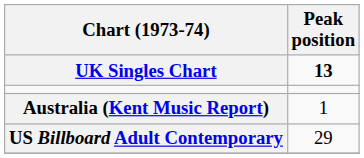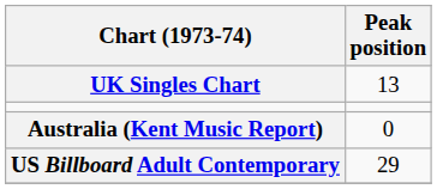 <table class="wikitable sortable plainrowheaders" border="1">
 <tr>
 <th scope="col">Chart (1973-74)</th>
 <th scope="col">Peak<br>position</th>
 </tr>
 <tr>
 <th scope="row"><a href='#'>UK Singles Chart</a></th>
-<td style="text-align:center;"><strong>13</strong></td>
+<td style="text-align:center;">13</td>
 </tr>
 <tr>
 <td></td>
 </tr>
 <tr>
 <th scope="row">Australia (<a href='#'>Kent Music Report</a>)</th>
-<td align="center">1</td>
+<td align="center">0</td>
 </tr>
 <tr>
 <th scope="row">US <em>Billboard</em> <a href='#'>Adult Contemporary</a></th>
 <td style="text-align:center;">29</td>
 </tr>
 <tr>
 </tr>
 </table>
